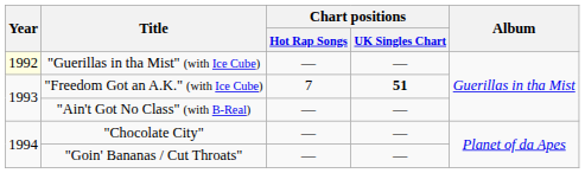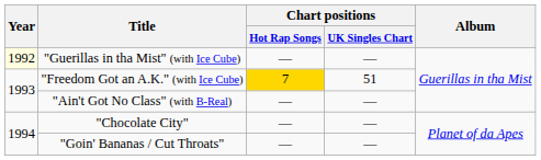 <table class="wikitable" style="text-align:center">
 <tr>
 <th rowspan="2">Year</th>
 <th rowspan="2">Title</th>
 <th colspan="2">Chart positions</th>
 <th rowspan="2">Album</th>
 </tr>
 <tr>
 <th><small><a href='#'>Hot Rap Songs</a></small></th>
 <th><small><a href='#'>UK Singles Chart</a></small></th>
 </tr>
 <tr>
 <td style="background: lightyellow;">1992</td>
 <td>"Guerillas in tha Mist" <small>(with <a href='#'>Ice Cube</a>)</small></td>
 <td>—</td>
 <td>—</td>
 <td rowspan="3"><em><a href='#'>Guerillas in tha Mist</a></em></td>
 </tr>
 <tr>
 <td rowspan="2">1993</td>
 <td>"Freedom Got an A.K." <small>(with <a href='#'>Ice Cube</a>)</small></td>
-<td>7</td>
-<td><strong>51</strong></td>
+<td style="background: gold;">7</td>
+<td>51</td>
 </tr>
 <tr>
 <td>"Ain't Got No Class" <small>(with <a href='#'>B-Real</a>)</small></td>
 <td>—</td>
 <td>—</td>
 </tr>
 <tr>
 <td rowspan="2">1994</td>
 <td>"Chocolate City"</td>
 <td>—</td>
 <td>—</td>
 <td rowspan="2"><em><a href='#'>Planet of da Apes</a></em></td>
 </tr>
 <tr>
 <td>"Goin' Bananas / Cut Throats"</td>
 <td>—</td>
 <td>—</td>
 </tr>
 </table>
